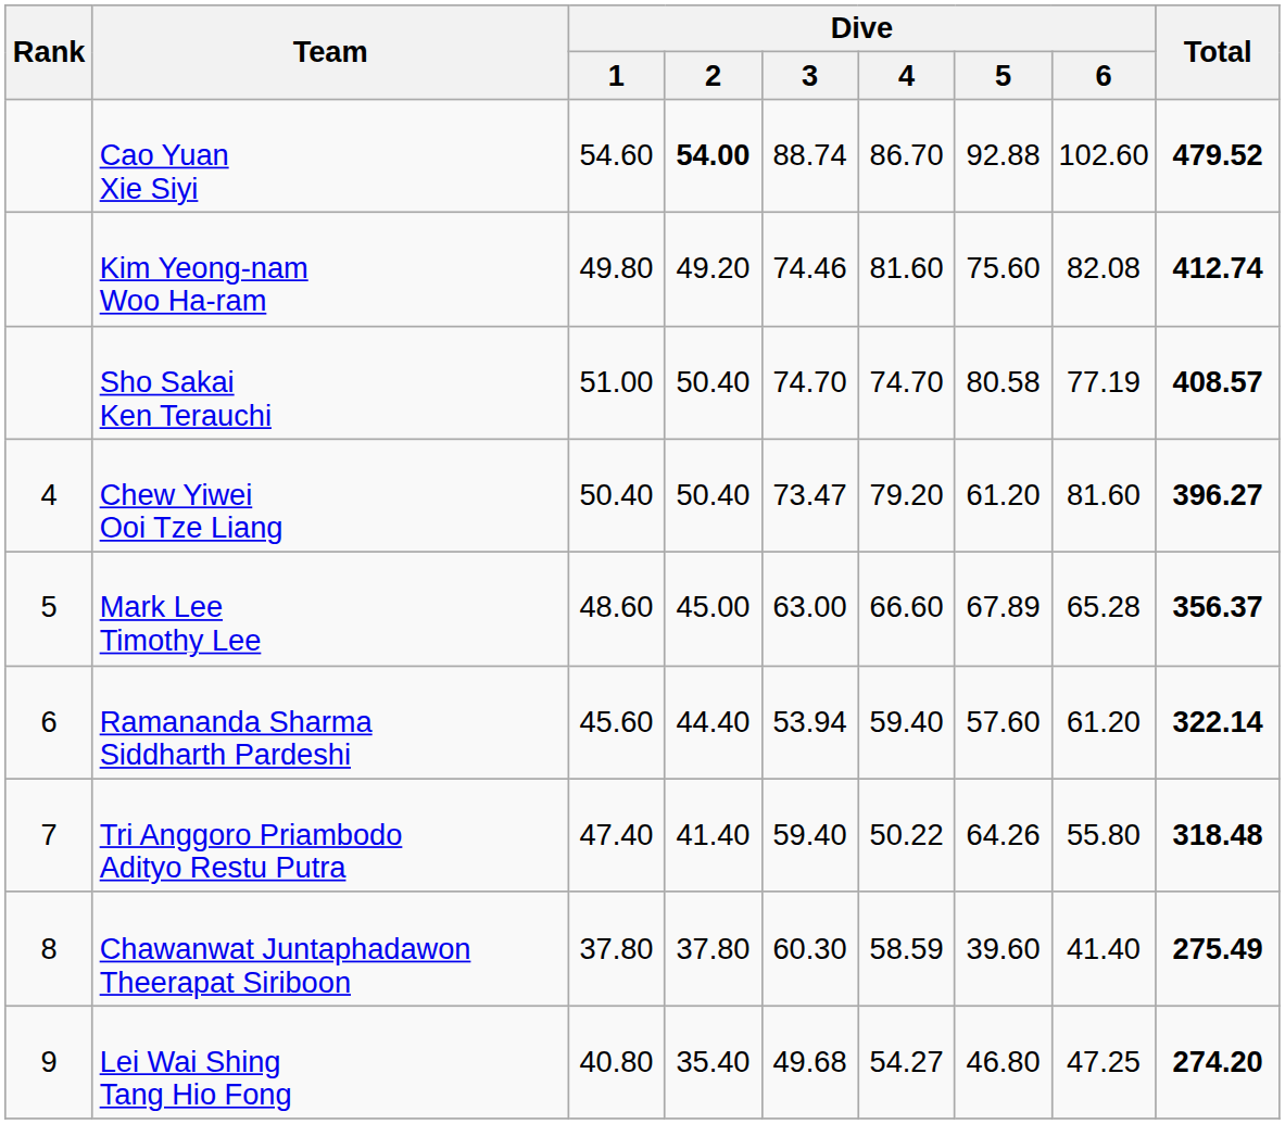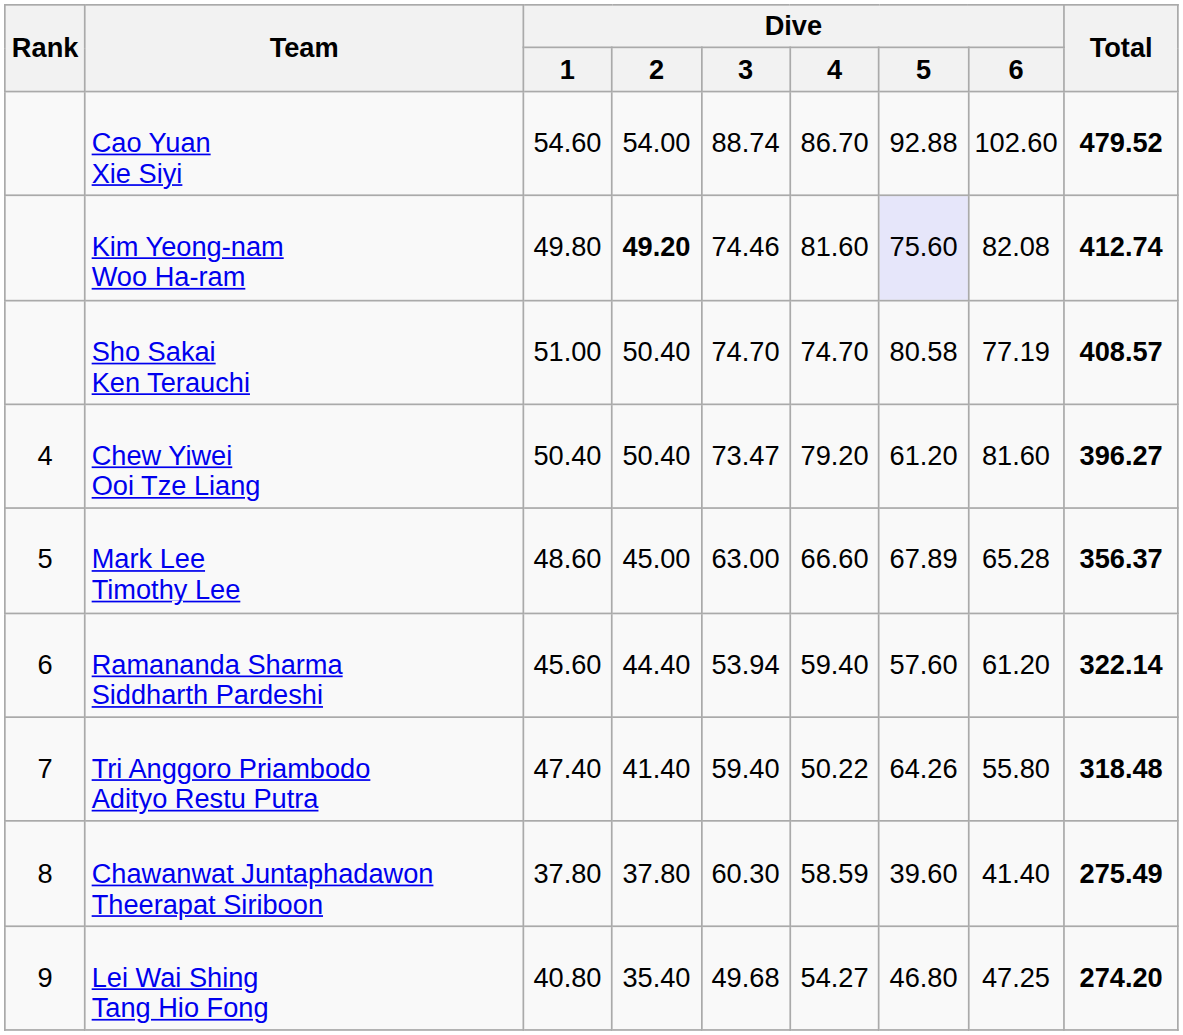 <table class=wikitable style="text-align:center">
 <tr>
 <th rowspan="2" width=40>Rank</th>
 <th rowspan="2" width=250>Team</th>
 <th colspan="6">Dive</th>
 <th rowspan="2" width=60>Total</th>
 </tr>
 <tr>
 <th width=45>1</th>
 <th width=45>2</th>
 <th width=45>3</th>
 <th width=45>4</th>
 <th width=45>5</th>
 <th width=45>6</th>
 </tr>
 <tr>
 <td></td>
 <td align=left><br><a href='#'>Cao Yuan</a><br><a href='#'>Xie Siyi</a></td>
 <td>54.60</td>
-<td><strong>54.00</strong></td>
+<td>54.00</td>
 <td>88.74</td>
 <td>86.70</td>
 <td>92.88</td>
 <td>102.60</td>
 <td><strong>479.52</strong></td>
 </tr>
 <tr>
 <td></td>
 <td align=left><br><a href='#'>Kim Yeong-nam</a><br><a href='#'>Woo Ha-ram</a></td>
 <td>49.80</td>
-<td>49.20</td>
+<td><strong>49.20</strong></td>
 <td>74.46</td>
 <td>81.60</td>
-<td>75.60</td>
+<td style="background: lavender;">75.60</td>
 <td>82.08</td>
 <td><strong>412.74</strong></td>
 </tr>
 <tr>
 <td></td>
 <td align=left><br><a href='#'>Sho Sakai</a><br><a href='#'>Ken Terauchi</a></td>
 <td>51.00</td>
 <td>50.40</td>
 <td>74.70</td>
 <td>74.70</td>
 <td>80.58</td>
 <td>77.19</td>
 <td><strong>408.57</strong></td>
 </tr>
 <tr>
 <td>4</td>
 <td align=left><br><a href='#'>Chew Yiwei</a><br><a href='#'>Ooi Tze Liang</a></td>
 <td>50.40</td>
 <td>50.40</td>
 <td>73.47</td>
 <td>79.20</td>
 <td>61.20</td>
 <td>81.60</td>
 <td><strong>396.27</strong></td>
 </tr>
 <tr>
 <td>5</td>
 <td align=left><br><a href='#'>Mark Lee</a><br><a href='#'>Timothy Lee</a></td>
 <td>48.60</td>
 <td>45.00</td>
 <td>63.00</td>
 <td>66.60</td>
 <td>67.89</td>
 <td>65.28</td>
 <td><strong>356.37</strong></td>
 </tr>
 <tr>
 <td>6</td>
 <td align=left><br><a href='#'>Ramananda Sharma</a><br><a href='#'>Siddharth Pardeshi</a></td>
 <td>45.60</td>
 <td>44.40</td>
 <td>53.94</td>
 <td>59.40</td>
 <td>57.60</td>
 <td>61.20</td>
 <td><strong>322.14</strong></td>
 </tr>
 <tr>
 <td>7</td>
 <td align=left><br><a href='#'>Tri Anggoro Priambodo</a><br><a href='#'>Adityo Restu Putra</a></td>
 <td>47.40</td>
 <td>41.40</td>
 <td>59.40</td>
 <td>50.22</td>
 <td>64.26</td>
 <td>55.80</td>
 <td><strong>318.48</strong></td>
 </tr>
 <tr>
 <td>8</td>
 <td align=left><br><a href='#'>Chawanwat Juntaphadawon</a><br><a href='#'>Theerapat Siriboon</a></td>
 <td>37.80</td>
 <td>37.80</td>
 <td>60.30</td>
 <td>58.59</td>
 <td>39.60</td>
 <td>41.40</td>
 <td><strong>275.49</strong></td>
 </tr>
 <tr>
 <td>9</td>
 <td align=left><br><a href='#'>Lei Wai Shing</a><br><a href='#'>Tang Hio Fong</a></td>
 <td>40.80</td>
 <td>35.40</td>
 <td>49.68</td>
 <td>54.27</td>
 <td>46.80</td>
 <td>47.25</td>
 <td><strong>274.20</strong></td>
 </tr>
 </table>
